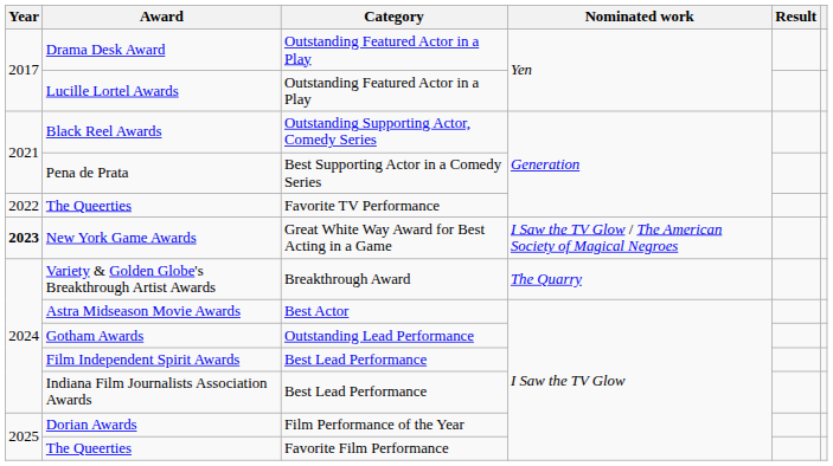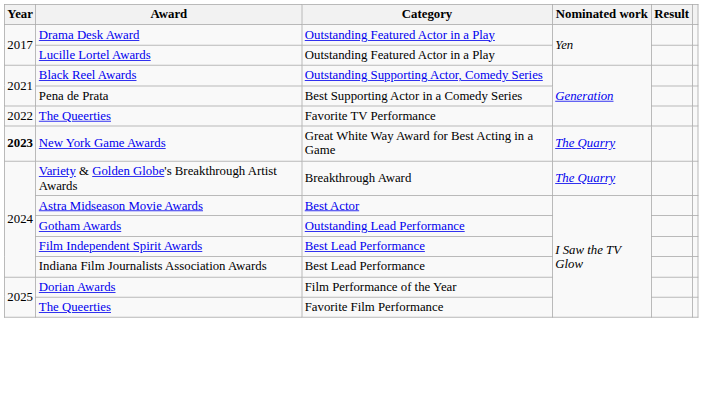 <table class="wikitable">
 <tr>
 <th>Year</th>
 <th>Award</th>
 <th>Category</th>
 <th>Nominated work</th>
 <th>Result</th>
 <th></th>
 </tr>
 <tr>
 <td scope="row" style="text-align:center;" rowspan="2">2017</td>
 <td><a href='#'>Drama Desk Award</a></td>
 <td><a href='#'>Outstanding Featured Actor in a Play</a></td>
 <td rowspan="2"><em>Yen</em></td>
 <td></td>
 <td></td>
 </tr>
 <tr>
 <td><a href='#'>Lucille Lortel Awards</a></td>
 <td>Outstanding Featured Actor in a Play</td>
 <td></td>
 </tr>
 <tr>
 <td scope="row" style="text-align:center;" rowspan="2">2021</td>
 <td><a href='#'>Black Reel Awards</a></td>
 <td><a href='#'>Outstanding Supporting Actor, Comedy Series</a></td>
 <td rowspan="3"><em><a href='#'>Generation</a></em></td>
 <td></td>
 <td style="text-align:center"></td>
 </tr>
 <tr>
 <td scope="row">Pena de Prata</td>
 <td>Best Supporting Actor in a Comedy Series</td>
 <td></td>
 <td style="text-align:center;"></td>
 </tr>
 <tr>
 <td style="text-align:center">2022</td>
 <td><a href='#'>The Queerties</a></td>
 <td>Favorite TV Performance</td>
 <td></td>
 <td style="text-align:center"></td>
 </tr>
 <tr>
 <td><strong>2023</strong></td>
 <td><a href='#'>New York Game Awards</a></td>
 <td>Great White Way Award for Best Acting in a Game</td>
-<td><em><a href='#'>I Saw the TV Glow</a></em> / <em><a href='#'>The American Society of Magical Negroes</a></em></td>
+<td><em><a href='#'>The Quarry</a></em></td>
 <td></td>
 <td style="text-align:center"></td>
 </tr>
 <tr>
 <td rowspan="5">2024</td>
 <td><a href='#'>Variety</a> & <a href='#'>Golden Globe</a>'s Breakthrough Artist Awards</td>
 <td>Breakthrough Award</td>
 <td><em><a href='#'>The Quarry</a></em></td>
 <td></td>
 <td style="text-align:center;"></td>
 </tr>
 <tr>
 <td><a href='#'>Astra Midseason Movie Awards</a></td>
 <td><a href='#'>Best Actor</a></td>
 <td rowspan="6"><em>I Saw the TV Glow</em></td>
 <td></td>
 <td style="text-align:center;"></td>
 </tr>
 <tr>
 <td><a href='#'>Gotham Awards</a></td>
 <td><a href='#'>Outstanding Lead Performance</a></td>
 <td></td>
 <td style="text-align:center;"></td>
 </tr>
 <tr>
 <td><a href='#'>Film Independent Spirit Awards</a></td>
 <td><a href='#'>Best Lead Performance</a></td>
 <td></td>
 <td style="text-align:center;"></td>
 </tr>
 <tr>
 <td>Indiana Film Journalists Association Awards</td>
 <td>Best Lead Performance</td>
 <td></td>
 <td style="text-align:center;"></td>
 </tr>
 <tr>
 <td scope="row" style="text-align:center;" rowspan="2">2025</td>
 <td><a href='#'>Dorian Awards</a></td>
 <td>Film Performance of the Year</td>
 <td></td>
 <td style="text-align:center;"></td>
 </tr>
 <tr>
 <td><a href='#'>The Queerties</a></td>
 <td>Favorite Film Performance</td>
 <td></td>
 <td style="text-align:center"></td>
 </tr>
 </table>
